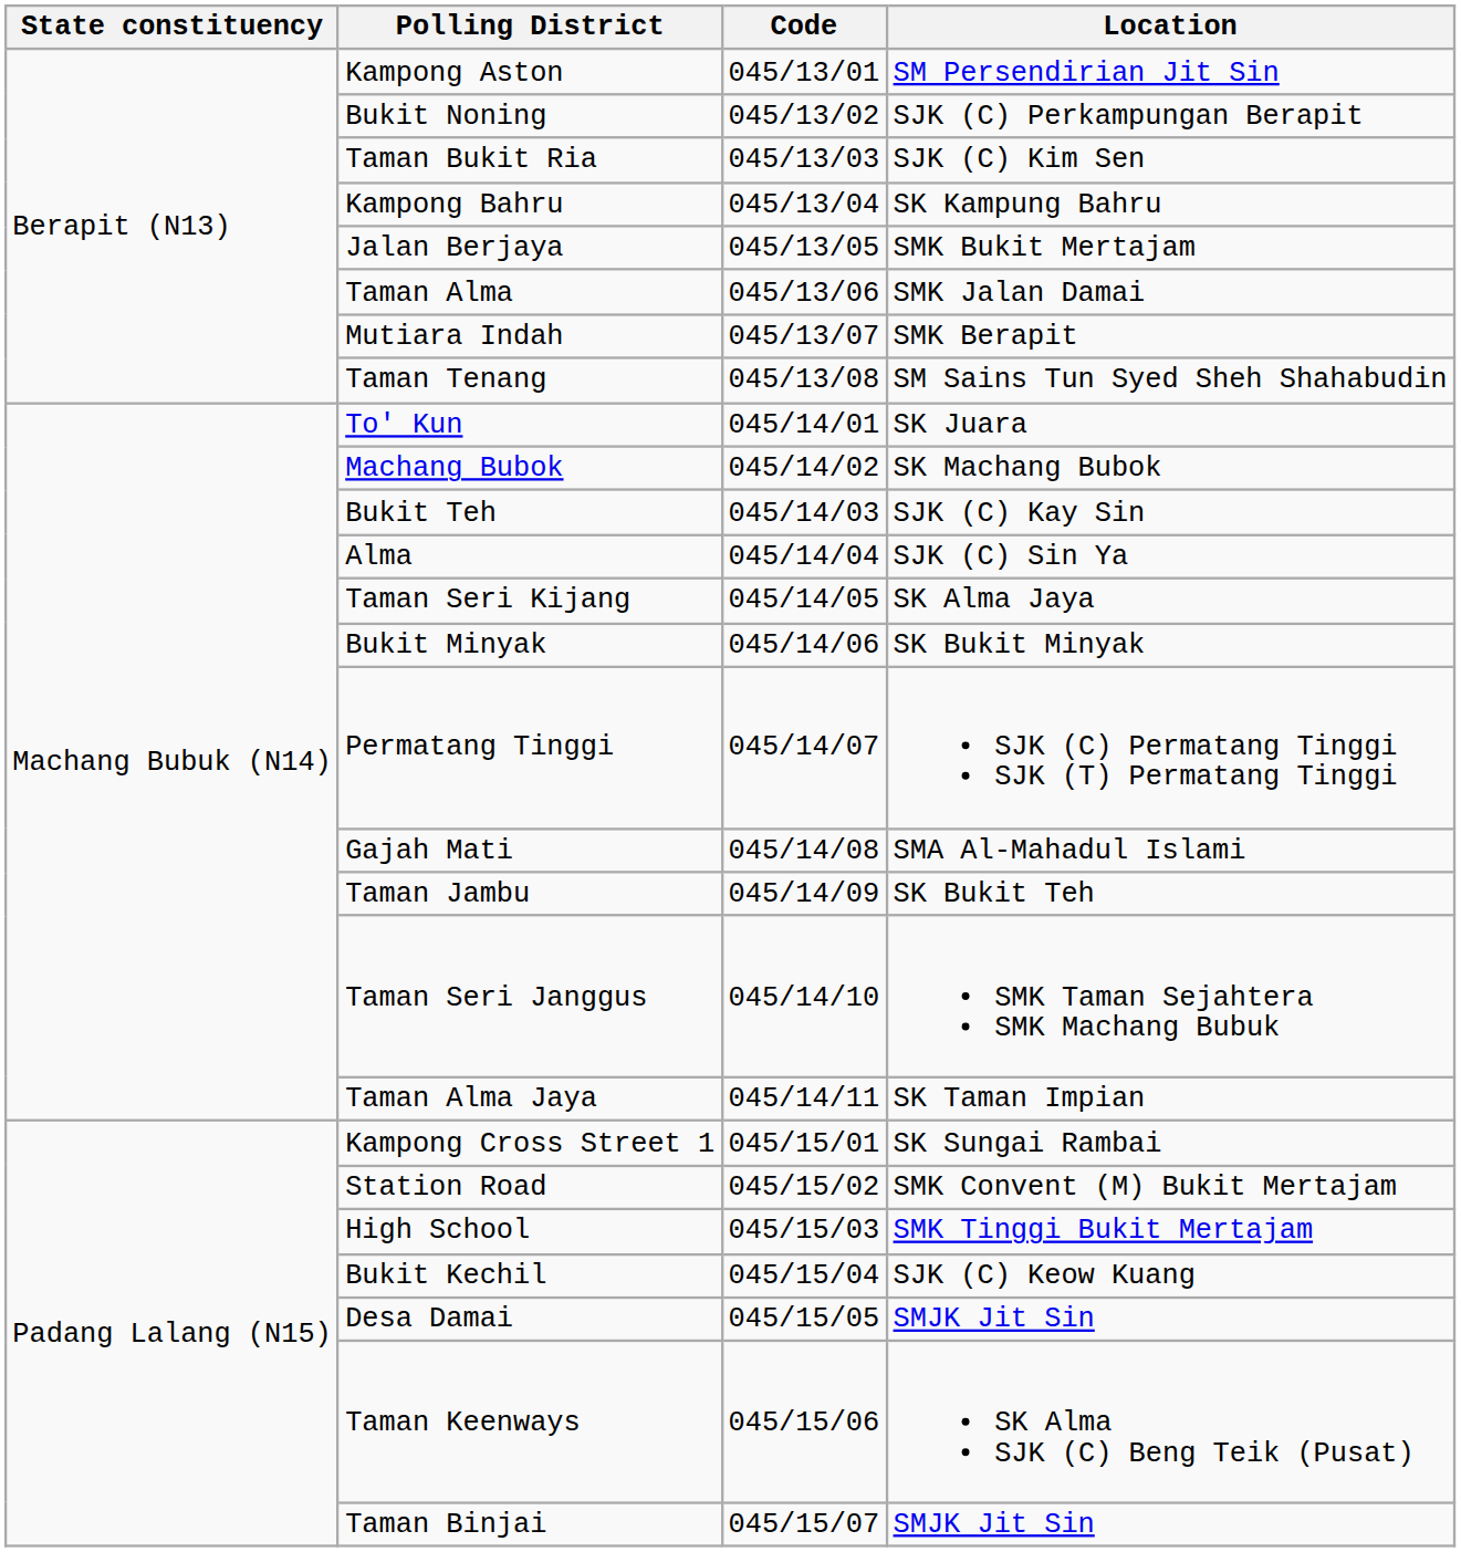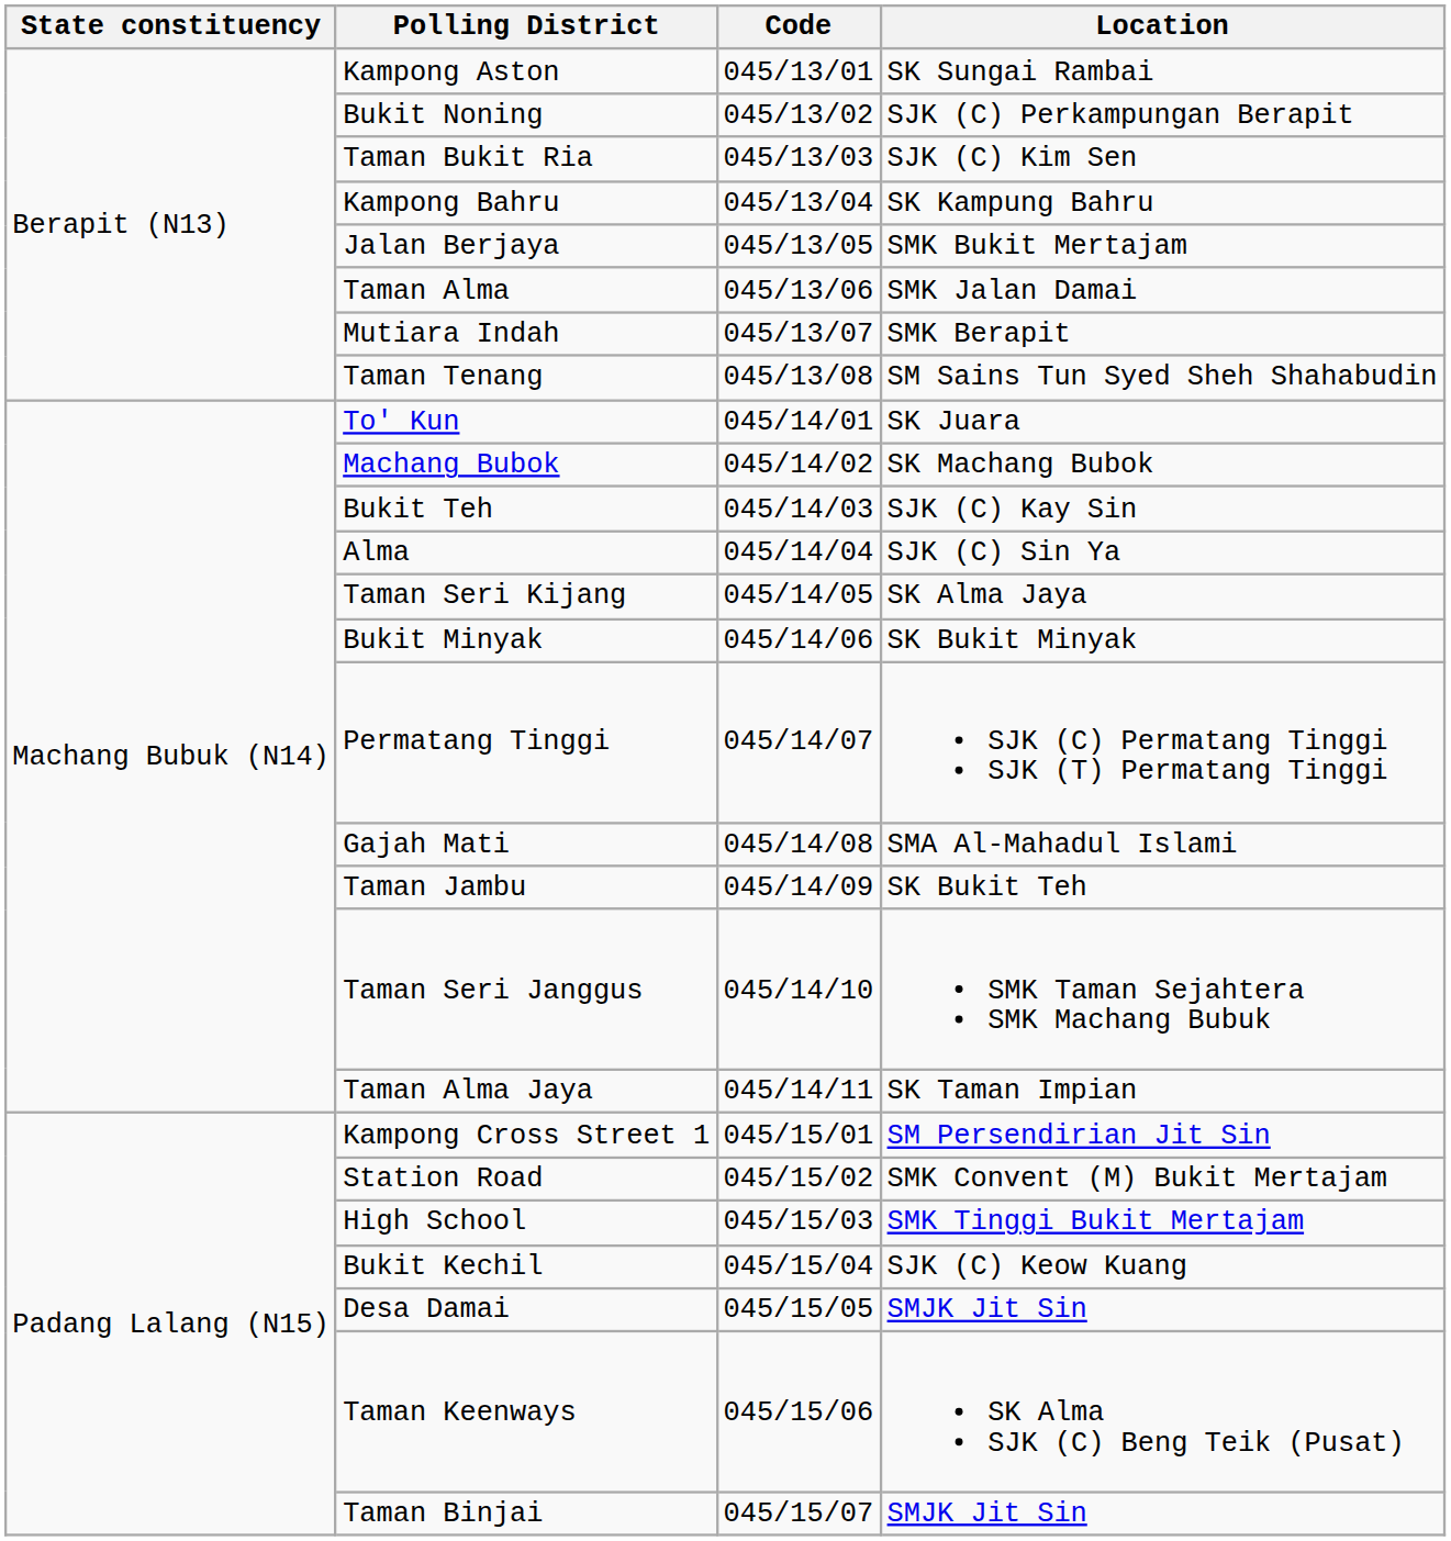 <table class="wikitable sortable mw-collapsible" style="white-space:nowrap;font-size:85%">
 <tr>
 <th>State constituency</th>
 <th>Polling District</th>
 <th>Code</th>
 <th>Location</th>
 </tr>
 <tr>
 <td rowspan="8">Berapit (N13)</td>
 <td>Kampong Aston</td>
 <td>045/13/01</td>
-<td><a href='#'>SM Persendirian Jit Sin</a></td>
+<td>SK Sungai Rambai</td>
 </tr>
 <tr>
 <td>Bukit Noning</td>
 <td>045/13/02</td>
 <td>SJK (C) Perkampungan Berapit</td>
 </tr>
 <tr>
 <td>Taman Bukit Ria</td>
 <td>045/13/03</td>
 <td>SJK (C) Kim Sen</td>
 </tr>
 <tr>
 <td>Kampong Bahru</td>
 <td>045/13/04</td>
 <td>SK Kampung Bahru</td>
 </tr>
 <tr>
 <td>Jalan Berjaya</td>
 <td>045/13/05</td>
 <td>SMK Bukit Mertajam</td>
 </tr>
 <tr>
 <td>Taman Alma</td>
 <td>045/13/06</td>
 <td>SMK Jalan Damai</td>
 </tr>
 <tr>
 <td>Mutiara Indah</td>
 <td>045/13/07</td>
 <td>SMK Berapit</td>
 </tr>
 <tr>
 <td>Taman Tenang</td>
 <td>045/13/08</td>
 <td>SM Sains Tun Syed Sheh Shahabudin</td>
 </tr>
 <tr>
 <td rowspan="11">Machang Bubuk (N14)</td>
 <td><a href='#'>To' Kun</a></td>
 <td>045/14/01</td>
 <td>SK Juara</td>
 </tr>
 <tr>
 <td><a href='#'>Machang Bubok</a></td>
 <td>045/14/02</td>
 <td>SK Machang Bubok</td>
 </tr>
 <tr>
 <td>Bukit Teh</td>
 <td>045/14/03</td>
 <td>SJK (C) Kay Sin</td>
 </tr>
 <tr>
 <td>Alma</td>
 <td>045/14/04</td>
 <td>SJK (C) Sin Ya</td>
 </tr>
 <tr>
 <td>Taman Seri Kijang</td>
 <td>045/14/05</td>
 <td>SK Alma Jaya</td>
 </tr>
 <tr>
 <td>Bukit Minyak</td>
 <td>045/14/06</td>
 <td>SK Bukit Minyak</td>
 </tr>
 <tr>
 <td>Permatang Tinggi</td>
 <td>045/14/07</td>
 <td><br><ul><li>SJK (C) Permatang Tinggi</li><li>SJK (T) Permatang Tinggi</li></ul></td>
 </tr>
 <tr>
 <td>Gajah Mati</td>
 <td>045/14/08</td>
 <td>SMA Al-Mahadul Islami</td>
 </tr>
 <tr>
 <td>Taman Jambu</td>
 <td>045/14/09</td>
 <td>SK Bukit Teh</td>
 </tr>
 <tr>
 <td>Taman Seri Janggus</td>
 <td>045/14/10</td>
 <td><br><ul><li>SMK Taman Sejahtera</li><li>SMK Machang Bubuk</li></ul></td>
 </tr>
 <tr>
 <td>Taman Alma Jaya</td>
 <td>045/14/11</td>
 <td>SK Taman Impian</td>
 </tr>
 <tr>
 <td rowspan="7">Padang Lalang (N15)</td>
 <td>Kampong Cross Street 1</td>
 <td>045/15/01</td>
-<td>SK Sungai Rambai</td>
+<td><a href='#'>SM Persendirian Jit Sin</a></td>
 </tr>
 <tr>
 <td>Station Road</td>
 <td>045/15/02</td>
 <td>SMK Convent (M) Bukit Mertajam</td>
 </tr>
 <tr>
 <td>High School</td>
 <td>045/15/03</td>
 <td><a href='#'>SMK Tinggi Bukit Mertajam</a></td>
 </tr>
 <tr>
 <td>Bukit Kechil</td>
 <td>045/15/04</td>
 <td>SJK (C) Keow Kuang</td>
 </tr>
 <tr>
 <td>Desa Damai</td>
 <td>045/15/05</td>
 <td><a href='#'>SMJK Jit Sin</a></td>
 </tr>
 <tr>
 <td>Taman Keenways</td>
 <td>045/15/06</td>
 <td><br><ul><li>SK Alma</li><li>SJK (C) Beng Teik (Pusat)</li></ul></td>
 </tr>
 <tr>
 <td>Taman Binjai</td>
 <td>045/15/07</td>
 <td><a href='#'>SMJK Jit Sin</a></td>
 </tr>
 </table>
